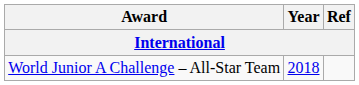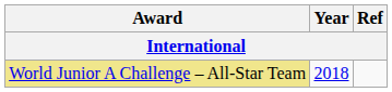 <table class="wikitable">
 <tr>
 <th>Award</th>
 <th>Year</th>
 <th>Ref</th>
 </tr>
 <tr>
 <th colspan="3"><a href='#'>International</a></th>
 </tr>
 <tr>
-<td><a href='#'>World Junior A Challenge</a> – All-Star Team</td>
+<td style="background: khaki;"><a href='#'>World Junior A Challenge</a> – All-Star Team</td>
 <td><a href='#'>2018</a></td>
 <td></td>
 </tr>
 </table>
